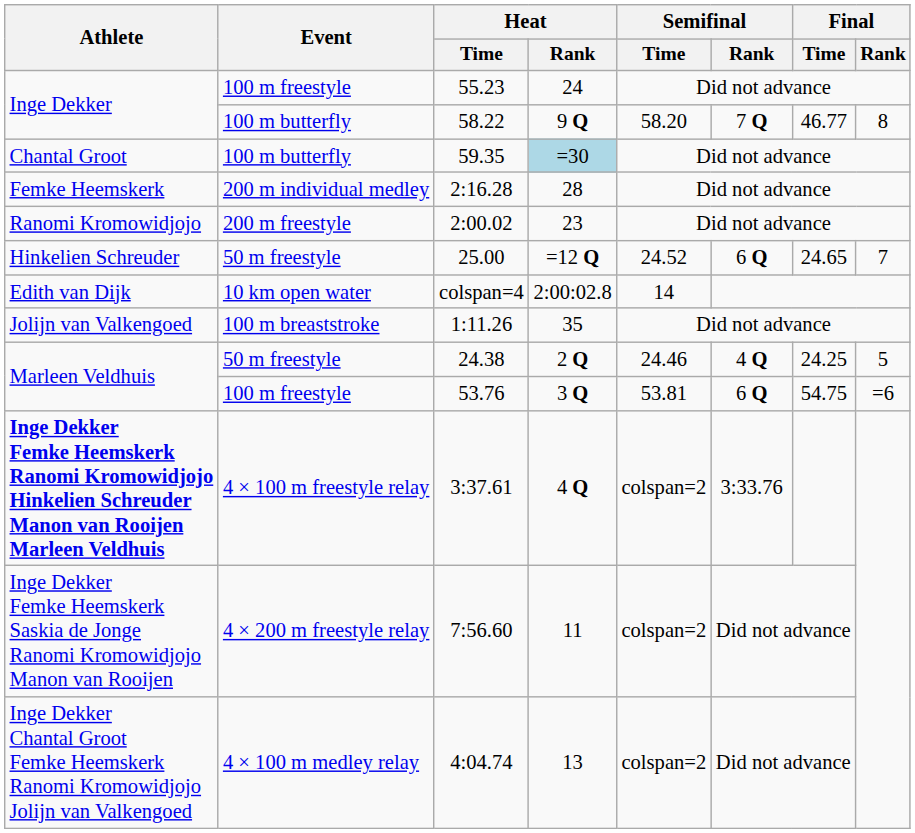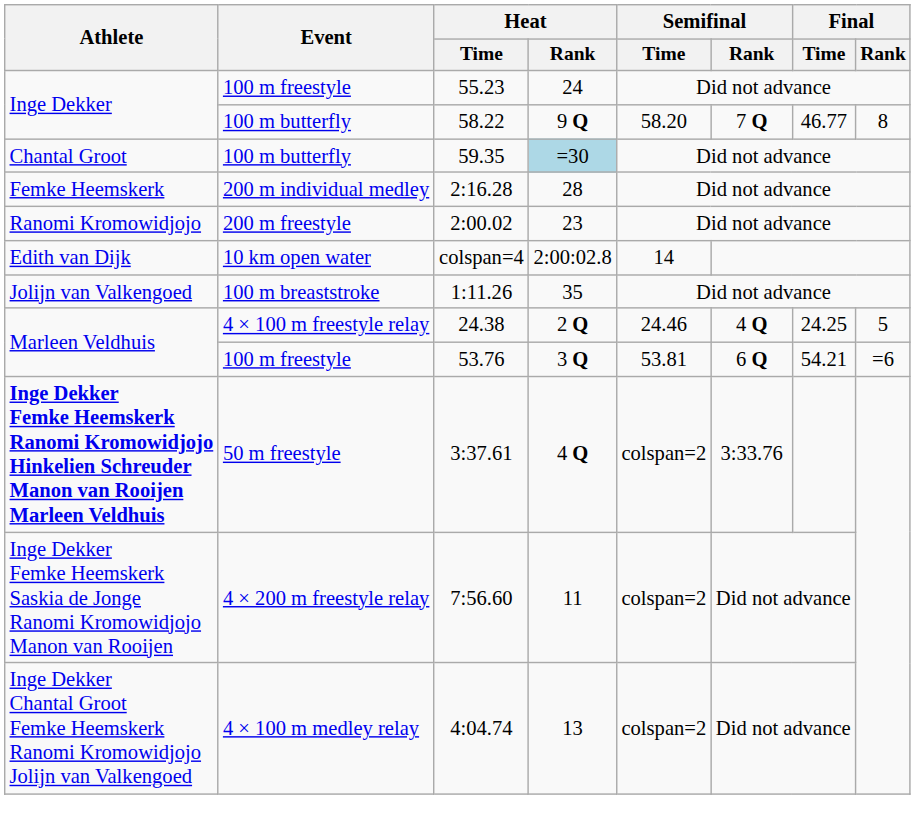 <table class=wikitable style="font-size:90%">
 <tr>
 <th rowspan="2">Athlete</th>
 <th rowspan="2">Event</th>
 <th colspan="2">Heat</th>
 <th colspan="2">Semifinal</th>
 <th colspan="2">Final</th>
 </tr>
 <tr style="font-size:95%">
 <th>Time</th>
 <th>Rank</th>
 <th>Time</th>
 <th>Rank</th>
 <th>Time</th>
 <th>Rank</th>
 </tr>
 <tr align=center>
 <td align=left rowspan=2><a href='#'>Inge Dekker</a></td>
 <td align=left><a href='#'>100 m freestyle</a></td>
 <td>55.23</td>
 <td>24</td>
 <td colspan=4>Did not advance</td>
 </tr>
 <tr align=center>
 <td align=left><a href='#'>100 m butterfly</a></td>
 <td>58.22</td>
 <td>9 <strong>Q</strong></td>
 <td>58.20</td>
 <td>7 <strong>Q</strong></td>
 <td>46.77</td>
 <td>8</td>
 </tr>
 <tr align=center>
 <td align=left><a href='#'>Chantal Groot</a></td>
 <td align=left><a href='#'>100 m butterfly</a></td>
 <td>59.35</td>
 <td style="background: lightblue;">=30</td>
 <td colspan=4>Did not advance</td>
 </tr>
 <tr align=center>
 <td align=left><a href='#'>Femke Heemskerk</a></td>
 <td align=left><a href='#'>200 m individual medley</a></td>
 <td>2:16.28</td>
 <td>28</td>
 <td colspan=4>Did not advance</td>
 </tr>
 <tr align=center>
 <td align=left><a href='#'>Ranomi Kromowidjojo</a></td>
 <td align=left><a href='#'>200 m freestyle</a></td>
 <td>2:00.02</td>
 <td>23</td>
 <td colspan=4>Did not advance</td>
 </tr>
 <tr align=center>
-<td align=left><a href='#'>Hinkelien Schreuder</a></td>
-<td align=left><a href='#'>50 m freestyle</a></td>
-<td>25.00</td>
-<td>=12 <strong>Q</strong></td>
-<td>24.52</td>
-<td>6 <strong>Q</strong></td>
-<td>24.65</td>
-<td>7</td>
-</tr>
-<tr align=center>
 <td align=left><a href='#'>Edith van Dijk</a></td>
 <td align=left><a href='#'>10 km open water</a></td>
 <td>colspan=4 </td>
 <td>2:00:02.8</td>
 <td>14</td>
 </tr>
 <tr align=center>
 <td align=left><a href='#'>Jolijn van Valkengoed</a></td>
 <td align=left><a href='#'>100 m breaststroke</a></td>
 <td>1:11.26</td>
 <td>35</td>
 <td colspan=4>Did not advance</td>
 </tr>
 <tr align=center>
 <td align=left rowspan=2><a href='#'>Marleen Veldhuis</a></td>
-<td align=left><a href='#'>50 m freestyle</a></td>
+<td align=left><a href='#'>4 × 100 m freestyle relay</a></td>
 <td>24.38</td>
 <td>2 <strong>Q</strong></td>
 <td>24.46</td>
 <td>4 <strong>Q</strong></td>
 <td>24.25</td>
 <td>5</td>
 </tr>
 <tr align=center>
 <td align=left><a href='#'>100 m freestyle</a></td>
 <td>53.76</td>
 <td>3 <strong>Q</strong></td>
 <td>53.81</td>
 <td>6 <strong>Q</strong></td>
-<td>54.75</td>
+<td>54.21</td>
 <td>=6</td>
 </tr>
 <tr align=center>
 <td align=left><strong><a href='#'>Inge Dekker</a><br><a href='#'>Femke Heemskerk</a><br><a href='#'>Ranomi Kromowidjojo</a><br><a href='#'>Hinkelien Schreuder</a><br><a href='#'>Manon van Rooijen</a><br><a href='#'>Marleen Veldhuis</a></strong></td>
-<td align=left><a href='#'>4 × 100 m freestyle relay</a></td>
+<td align=left><a href='#'>50 m freestyle</a></td>
 <td>3:37.61</td>
 <td>4 <strong>Q</strong></td>
 <td>colspan=2 </td>
 <td>3:33.76 </td>
 <td></td>
 </tr>
 <tr align=center>
 <td align=left><a href='#'>Inge Dekker</a><br><a href='#'>Femke Heemskerk</a><br><a href='#'>Saskia de Jonge</a><br><a href='#'>Ranomi Kromowidjojo</a><br><a href='#'>Manon van Rooijen</a></td>
 <td align=left><a href='#'>4 × 200 m freestyle relay</a></td>
 <td>7:56.60</td>
 <td>11</td>
 <td>colspan=2 </td>
 <td colspan=2>Did not advance</td>
 </tr>
 <tr align=center>
 <td align=left><a href='#'>Inge Dekker</a><br><a href='#'>Chantal Groot</a><br><a href='#'>Femke Heemskerk</a><br><a href='#'>Ranomi Kromowidjojo</a><br><a href='#'>Jolijn van Valkengoed</a></td>
 <td align=left><a href='#'>4 × 100 m medley relay</a></td>
 <td>4:04.74</td>
 <td>13</td>
 <td>colspan=2 </td>
 <td colspan=2>Did not advance</td>
 </tr>
 </table>
